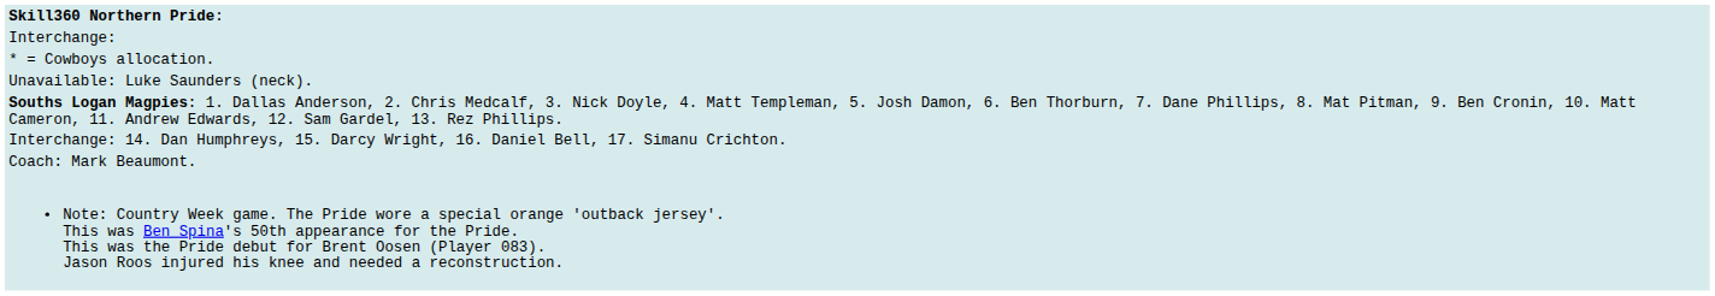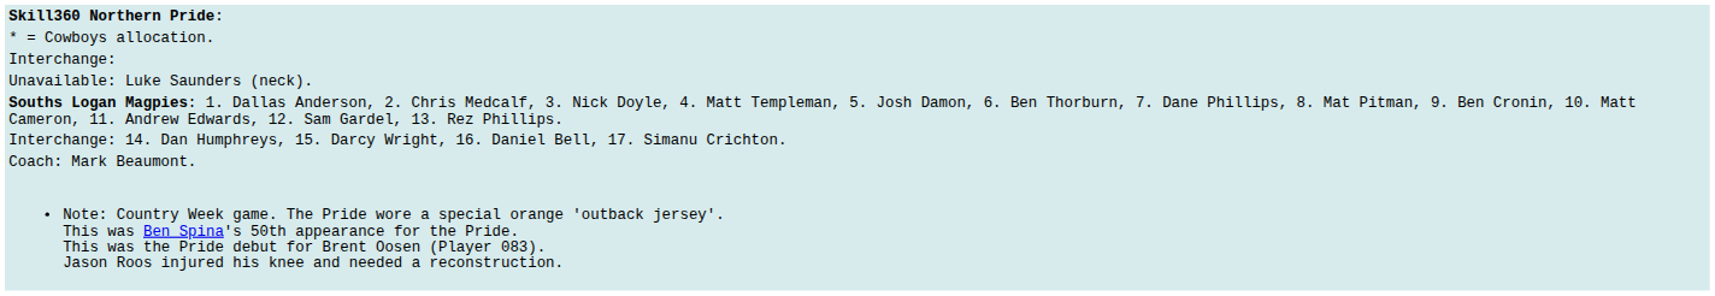 <table style="background:#d7ebed; font-size:85%; width:100%;">
 <tr>
 <td><strong>Skill360 Northern Pride</strong>:    <br>        </td>
 </tr>
 <tr>
-<td>Interchange:    </td>
+<td>* = Cowboys allocation.</td>
 </tr>
 <tr>
-<td>* = Cowboys allocation.</td>
+<td>Interchange:    </td>
 </tr>
 <tr>
 <td>Unavailable: Luke Saunders (neck).</td>
 </tr>
 <tr>
 <td><strong>Souths Logan Magpies</strong>: 1. Dallas Anderson, 2. Chris Medcalf, 3. Nick Doyle, 4. Matt Templeman, 5. Josh Damon, 6. Ben Thorburn, 7. Dane Phillips, 8. Mat Pitman, 9. Ben Cronin, 10. Matt Cameron, 11. Andrew Edwards, 12. Sam Gardel, 13. Rez Phillips.</td>
 </tr>
 <tr>
 <td>Interchange: 14. Dan Humphreys, 15. Darcy Wright, 16. Daniel Bell, 17. Simanu Crichton.</td>
 </tr>
 <tr>
 <td>Coach: Mark Beaumont.</td>
 </tr>
 <tr>
 <td><br><ul><li>Note: Country Week game. The Pride wore a special orange 'outback jersey'.<br>This was <a href='#'>Ben Spina</a>'s 50th appearance for the Pride.<br>This was the Pride debut for Brent Oosen (Player 083).<br>Jason Roos injured his knee and needed a reconstruction.</li></ul></td>
 </tr>
 </table>
